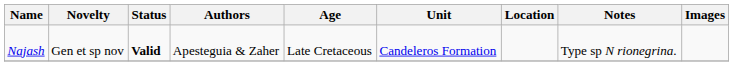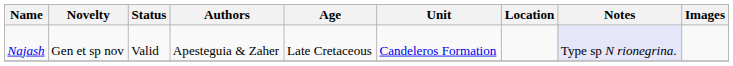 <table class="wikitable sortable" align="center" width="100%">
 <tr>
 <th>Name</th>
 <th>Novelty</th>
 <th>Status</th>
 <th>Authors</th>
 <th>Age</th>
 <th>Unit</th>
 <th>Location</th>
 <th>Notes</th>
 <th>Images</th>
 </tr>
 <tr>
 <td><br><em><a href='#'>Najash</a></em></td>
 <td><br>Gen et sp nov</td>
-<td><strong><br>Valid</strong></td>
+<td><br>Valid</td>
 <td><br>Apesteguia & Zaher</td>
 <td><br>Late Cretaceous</td>
 <td><br><a href='#'>Candeleros Formation</a></td>
 <td><br></td>
-<td><br>Type sp <em>N rionegrina</em>.</td>
+<td style="background: lavender;"><br>Type sp <em>N rionegrina</em>.</td>
 <td></td>
 </tr>
 <tr>
 </tr>
 </table>
